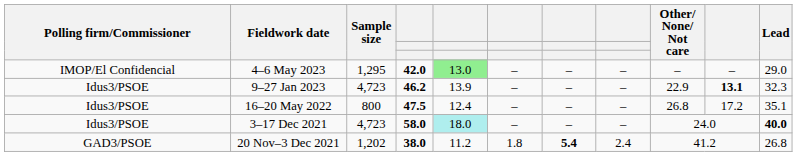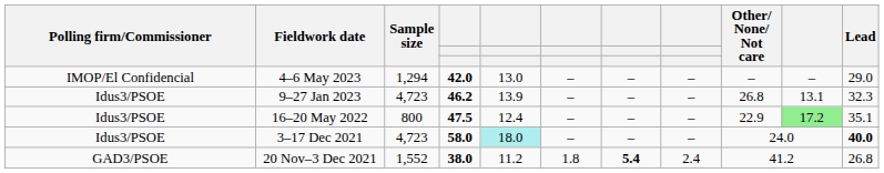 <table class="wikitable collapsible collapsed" style="text-align:center; font-size:90%; line-height:14px;">
 <tr style="height:42px;">
 <th style="width:250px;" rowspan="3">Polling firm/Commissioner</th>
 <th style="width:125px;" rowspan="3">Fieldwork date</th>
 <th style="width:50px;" rowspan="3">Sample size</th>
 <th style="width:35px;"></th>
 <th style="width:55px;"></th>
 <th style="width:55px;"></th>
 <th style="width:55px;"></th>
 <th style="width:55px;"></th>
 <th style="width:55px;" rowspan="3">Other/<br>None/<br>Not<br>care</th>
 <th style="width:55px;" rowspan="3"></th>
 <th style="width:30px;" rowspan="3">Lead</th>
 </tr>
 <tr>
 <th style="color:inherit;background:"></th>
 <th style="color:inherit;background:"></th>
 <th style="color:inherit;background:"></th>
 <th style="color:inherit;background:"></th>
 <th style="color:inherit;background:"></th>
 </tr>
 <tr>
 <th></th>
 <th></th>
 <th></th>
 <th></th>
 <th></th>
 </tr>
 <tr>
 <td>IMOP/El Confidencial</td>
 <td>4–6 May 2023</td>
-<td>1,295</td>
+<td>1,294</td>
 <td><strong>42.0</strong></td>
-<td style="background: lightgreen;">13.0</td>
+<td>13.0</td>
 <td>–</td>
 <td>–</td>
 <td>–</td>
 <td>–</td>
 <td>–</td>
 <td style="background:">29.0</td>
 </tr>
 <tr>
 <td>Idus3/PSOE</td>
 <td>9–27 Jan 2023</td>
 <td>4,723</td>
 <td><strong>46.2</strong></td>
 <td>13.9</td>
 <td>–</td>
 <td>–</td>
 <td>–</td>
-<td>22.9</td>
-<td><strong>13.1</strong></td>
+<td>26.8</td>
+<td>13.1</td>
 <td style="background:">32.3</td>
 </tr>
 <tr>
 <td>Idus3/PSOE</td>
 <td>16–20 May 2022</td>
 <td>800</td>
 <td><strong>47.5</strong></td>
 <td>12.4</td>
 <td>–</td>
 <td>–</td>
 <td>–</td>
-<td>26.8</td>
-<td>17.2</td>
+<td>22.9</td>
+<td style="background: lightgreen;">17.2</td>
 <td style="background:">35.1</td>
 </tr>
 <tr>
 <td>Idus3/PSOE</td>
 <td>3–17 Dec 2021</td>
 <td>4,723</td>
 <td><strong>58.0</strong></td>
 <td style="background: paleturquoise;">18.0</td>
 <td>–</td>
 <td>–</td>
 <td>–</td>
 <td colspan="2">24.0</td>
 <td style="background:"><strong>40.0</strong></td>
 </tr>
 <tr>
 <td>GAD3/PSOE</td>
 <td>20 Nov–3 Dec 2021</td>
-<td>1,202</td>
+<td>1,552</td>
 <td><strong>38.0</strong></td>
 <td>11.2</td>
 <td>1.8</td>
 <td><strong>5.4</strong></td>
 <td>2.4</td>
 <td colspan="2">41.2</td>
 <td style="background:">26.8</td>
 </tr>
 </table>
